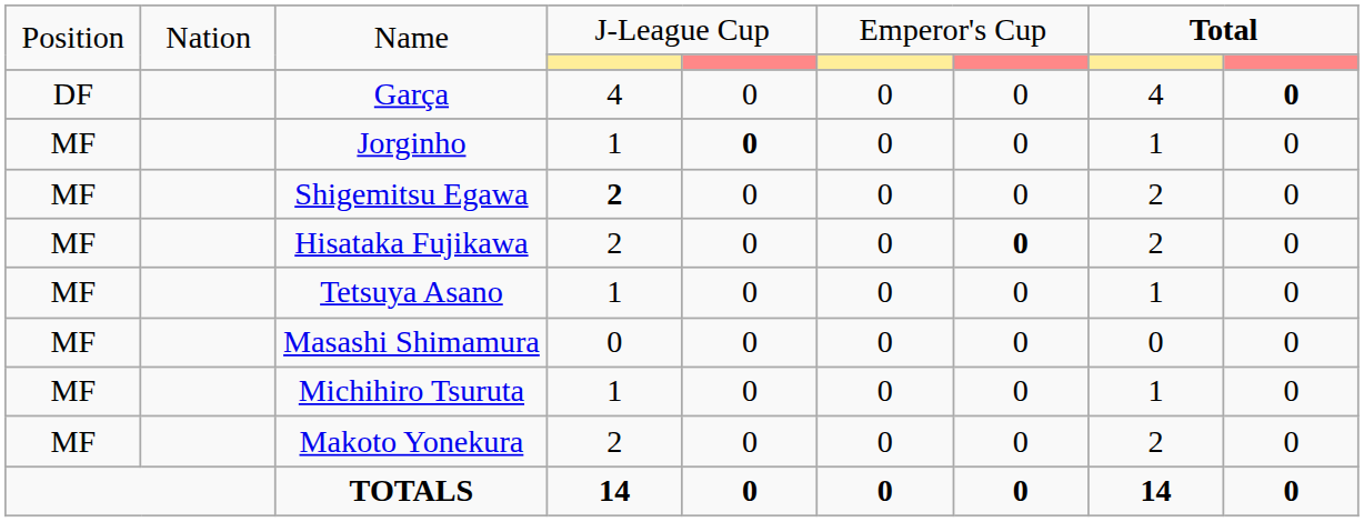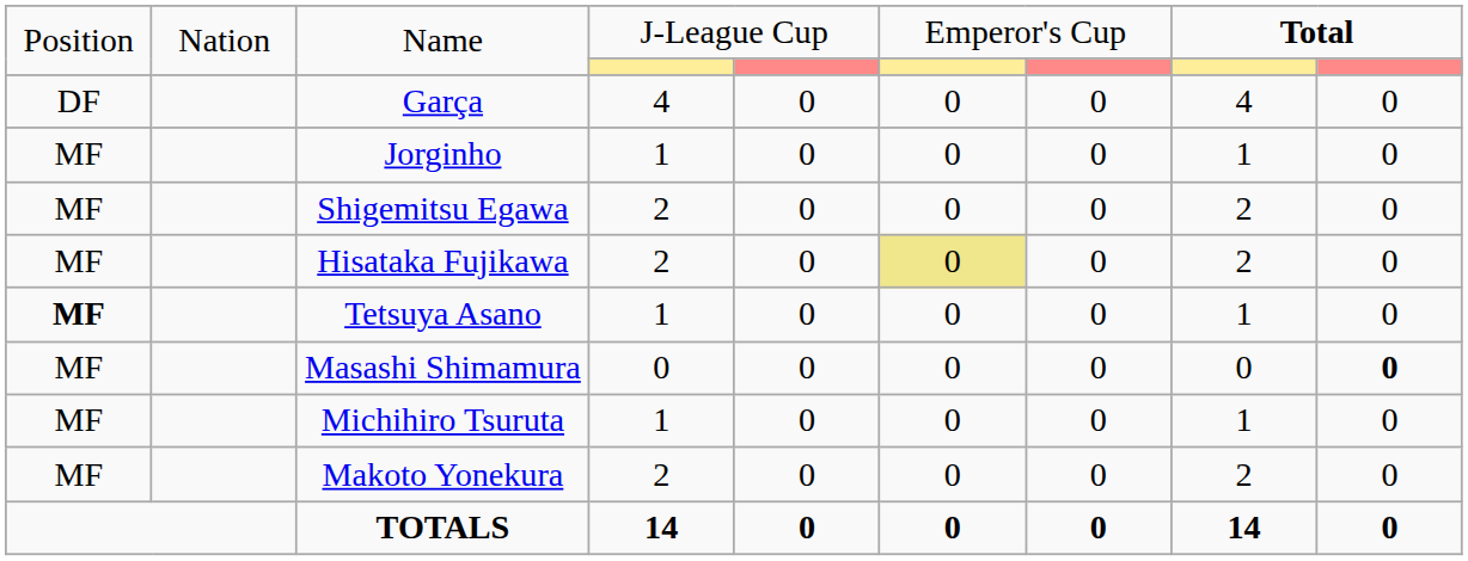 <table class="wikitable" style="font-size: 100%; text-align: center;">
 <tr>
 <td rowspan="2" width="10%" align="center">Position</td>
 <td rowspan="2" width="10%" align="center">Nation</td>
 <td rowspan="2" width="20%" align="center">Name</td>
 <td colspan="2" align="center">J-League Cup</td>
 <td colspan="2" align="center">Emperor's Cup</td>
 <td colspan="2" align="center"><strong>Total</strong></td>
 </tr>
 <tr>
 <th width=60 style="background: #FFEE99"></th>
 <th width=60 style="background: #FF8888"></th>
 <th width=60 style="background: #FFEE99"></th>
 <th width=60 style="background: #FF8888"></th>
 <th width=60 style="background: #FFEE99"></th>
 <th width=60 style="background: #FF8888"></th>
 </tr>
 <tr>
 <td>DF</td>
 <td></td>
 <td><a href='#'>Garça</a></td>
 <td>4</td>
 <td>0</td>
 <td>0</td>
 <td>0</td>
 <td>4</td>
-<td><strong>0</strong></td>
+<td>0</td>
 </tr>
 <tr>
 <td>MF</td>
 <td></td>
 <td><a href='#'>Jorginho</a></td>
 <td>1</td>
-<td><strong>0</strong></td>
+<td>0</td>
 <td>0</td>
 <td>0</td>
 <td>1</td>
 <td>0</td>
 </tr>
 <tr>
 <td>MF</td>
 <td></td>
 <td><a href='#'>Shigemitsu Egawa</a></td>
-<td><strong>2</strong></td>
+<td>2</td>
 <td>0</td>
 <td>0</td>
 <td>0</td>
 <td>2</td>
 <td>0</td>
 </tr>
 <tr>
 <td>MF</td>
 <td></td>
 <td><a href='#'>Hisataka Fujikawa</a></td>
 <td>2</td>
 <td>0</td>
+<td style="background: khaki;">0</td>
 <td>0</td>
-<td><strong>0</strong></td>
 <td>2</td>
 <td>0</td>
 </tr>
 <tr>
-<td>MF</td>
+<td><strong>MF</strong></td>
 <td></td>
 <td><a href='#'>Tetsuya Asano</a></td>
 <td>1</td>
 <td>0</td>
 <td>0</td>
 <td>0</td>
 <td>1</td>
 <td>0</td>
 </tr>
 <tr>
 <td>MF</td>
 <td></td>
 <td><a href='#'>Masashi Shimamura</a></td>
 <td>0</td>
 <td>0</td>
 <td>0</td>
 <td>0</td>
 <td>0</td>
-<td>0</td>
+<td><strong>0</strong></td>
 </tr>
 <tr>
 <td>MF</td>
 <td></td>
 <td><a href='#'>Michihiro Tsuruta</a></td>
 <td>1</td>
 <td>0</td>
 <td>0</td>
 <td>0</td>
 <td>1</td>
 <td>0</td>
 </tr>
 <tr>
 <td>MF</td>
 <td></td>
 <td><a href='#'>Makoto Yonekura</a></td>
 <td>2</td>
 <td>0</td>
 <td>0</td>
 <td>0</td>
 <td>2</td>
 <td>0</td>
 </tr>
 <tr>
 <td colspan="2"></td>
 <td><strong>TOTALS</strong></td>
 <td><strong>14</strong></td>
 <td><strong>0</strong></td>
 <td><strong>0</strong></td>
 <td><strong>0</strong></td>
 <td><strong>14</strong></td>
 <td><strong>0</strong></td>
 </tr>
 </table>
